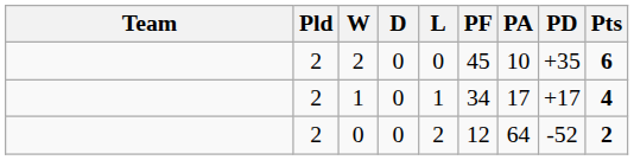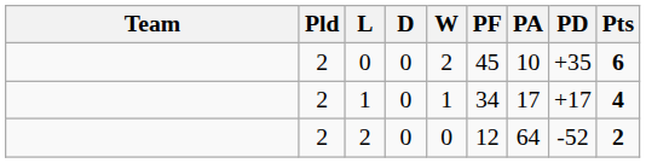 <table class="wikitable" style="text-align:center;">
 <tr>
 <th width="190">Team</th>
 <th width="20" abbr="Played">Pld</th>
+<th width="20" abbr="Lost">L</th>
+<th width="20" abbr="Drawn">D</th>
 <th width="20" abbr="Won">W</th>
-<th width="20" abbr="Drawn">D</th>
-<th width="20" abbr="Lost">L</th>
 <th width="20" abbr="Points for">PF</th>
 <th width="20" abbr="Points against">PA</th>
 <th width="25" abbr="Points difference">PD</th>
 <th width="20" abbr="Points">Pts</th>
 </tr>
 <tr style="background:">
 <td align="left"></td>
 <td>2</td>
-<td>2</td>
 <td>0</td>
 <td>0</td>
+<td>2</td>
 <td>45</td>
 <td>10</td>
 <td>+35</td>
 <td><strong>6</strong></td>
 </tr>
 <tr style="background:">
 <td align="left"></td>
 <td>2</td>
 <td>1</td>
 <td>0</td>
 <td>1</td>
 <td>34</td>
 <td>17</td>
 <td>+17</td>
 <td><strong>4</strong></td>
 </tr>
 <tr>
 <td align="left"></td>
 <td>2</td>
+<td>2</td>
 <td>0</td>
 <td>0</td>
-<td>2</td>
 <td>12</td>
 <td>64</td>
 <td>-52</td>
 <td><strong>2</strong></td>
 </tr>
 </table>
